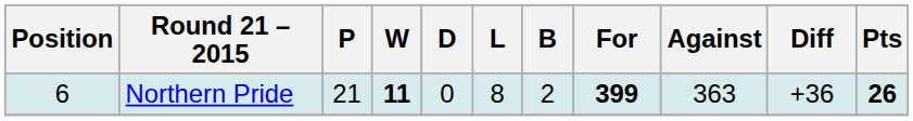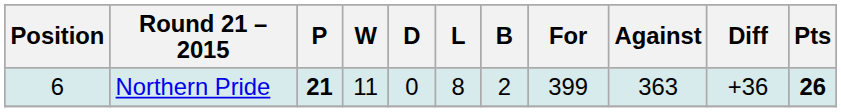 <table class="wikitable" style="text-align:center; font-size:85%;">
 <tr>
 <th width=40 abbr="Position">Position</th>
 <th width=100>Round 21 – 2015</th>
 <th width=20 abbr="Played">P</th>
 <th width=20 abbr="Won">W</th>
 <th width=20 abbr="Drawn">D</th>
 <th width=20 abbr="Lost">L</th>
 <th width=20 abbr="Bye">B</th>
 <th width=40 abbr="Points for">For</th>
 <th width=40 abbr="Points against">Against</th>
 <th width=40 abbr="Points difference">Diff</th>
 <th width=20 abbr="Points">Pts</th>
 </tr>
 <tr style="background: #d7ebed;">
 <td>6</td>
 <td style="text-align:left;"> <a href='#'>Northern Pride</a></td>
-<td>21</td>
-<td><strong>11</strong></td>
+<td><strong>21</strong></td>
+<td>11</td>
 <td>0</td>
 <td>8</td>
 <td>2</td>
-<td><strong>399</strong></td>
+<td>399</td>
 <td>363</td>
 <td>+36</td>
 <td><strong>26</strong></td>
 </tr>
 <tr>
 </tr>
 </table>
